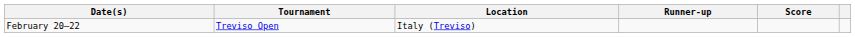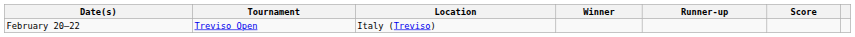 <table class="sortable wikitable" width="100%" cellpadding="5" style="margin: 1em auto 1em auto">
 <tr>
 <th scope="col">Date(s)</th>
 <th scope="col">Tournament</th>
 <th scope="col">Location</th>
+<th scope="col" class="unsortable">Winner</th>
 <th scope="col" class="unsortable">Runner-up</th>
 <th scope="col" class="unsortable">Score</th>
 <th scope="col" class="unsortable"></th>
 </tr>
 <tr>
 <td scope="row">February 20–22</td>
 <td><a href='#'>Treviso Open</a></td>
 <td>Italy (<a href='#'>Treviso</a>)</td>
 <td></td>
 <td></td>
+<td></td>
 <td style="text-align:center;"></td>
 </tr>
 </table>
